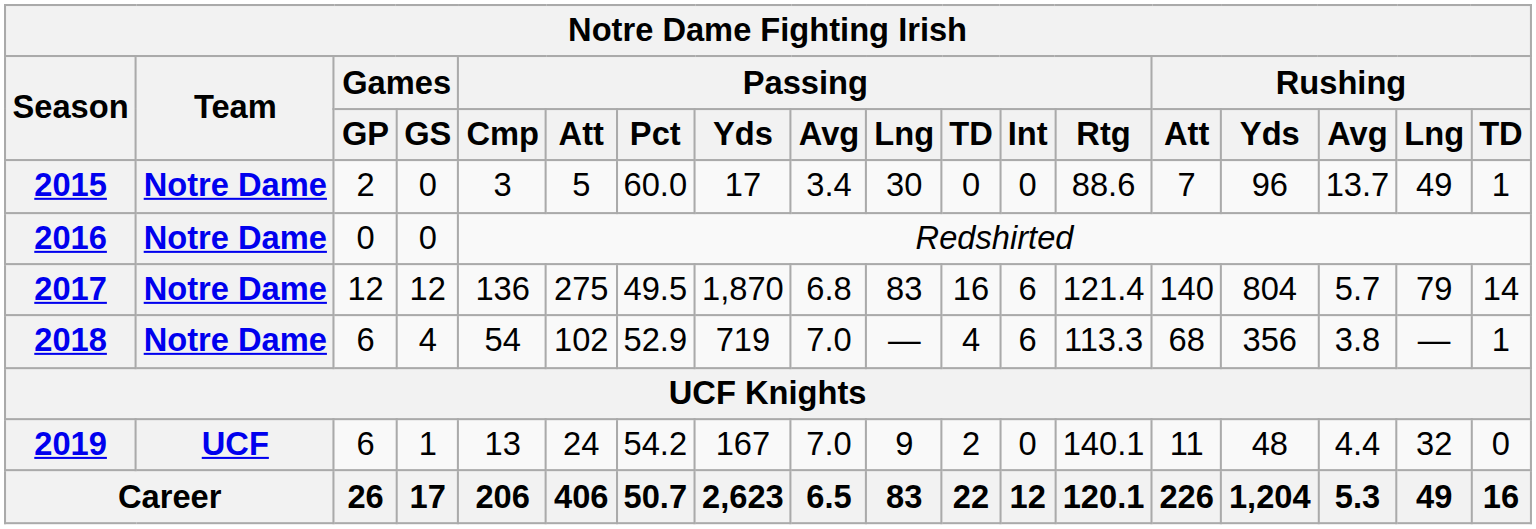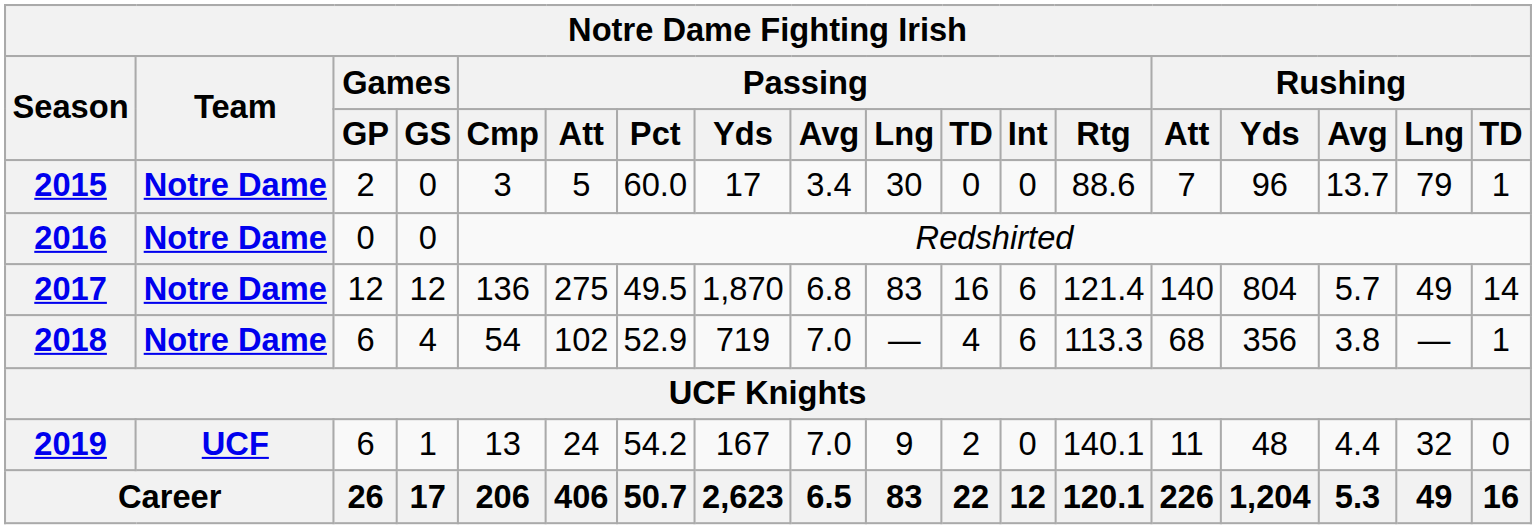 <table class=wikitable style="text-align:center;">
 <tr>
 <th colspan="18">Notre Dame Fighting Irish</th>
 </tr>
 <tr>
 <th rowspan="2">Season</th>
 <th rowspan="2">Team</th>
 <th colspan="2">Games</th>
 <th colspan="9">Passing</th>
 <th colspan="5">Rushing</th>
 </tr>
 <tr>
 <th>GP</th>
 <th>GS</th>
 <th>Cmp</th>
 <th>Att</th>
 <th>Pct</th>
 <th>Yds</th>
 <th>Avg</th>
 <th>Lng</th>
 <th>TD</th>
 <th>Int</th>
 <th>Rtg</th>
 <th>Att</th>
 <th>Yds</th>
 <th>Avg</th>
 <th>Lng</th>
 <th>TD</th>
 </tr>
 <tr>
 <th><a href='#'>2015</a></th>
 <th><a href='#'>Notre Dame</a></th>
 <td>2</td>
 <td>0</td>
 <td>3</td>
 <td>5</td>
 <td>60.0</td>
 <td>17</td>
 <td>3.4</td>
 <td>30</td>
 <td>0</td>
 <td>0</td>
 <td>88.6</td>
 <td>7</td>
 <td>96</td>
 <td>13.7</td>
-<td>49</td>
+<td>79</td>
 <td>1</td>
 </tr>
 <tr>
 <th><a href='#'>2016</a></th>
 <th><a href='#'>Notre Dame</a></th>
 <td>0</td>
 <td>0</td>
 <td colspan="14"><em>Redshirted</em></td>
 </tr>
 <tr>
 <th><a href='#'>2017</a></th>
 <th><a href='#'>Notre Dame</a></th>
 <td>12</td>
 <td>12</td>
 <td>136</td>
 <td>275</td>
 <td>49.5</td>
 <td>1,870</td>
 <td>6.8</td>
 <td>83</td>
 <td>16</td>
 <td>6</td>
 <td>121.4</td>
 <td>140</td>
 <td>804</td>
 <td>5.7</td>
-<td>79</td>
+<td>49</td>
 <td>14</td>
 </tr>
 <tr>
 <th><a href='#'>2018</a></th>
 <th><a href='#'>Notre Dame</a></th>
 <td>6</td>
 <td>4</td>
 <td>54</td>
 <td>102</td>
 <td>52.9</td>
 <td>719</td>
 <td>7.0</td>
 <td>—</td>
 <td>4</td>
 <td>6</td>
 <td>113.3</td>
 <td>68</td>
 <td>356</td>
 <td>3.8</td>
 <td>—</td>
 <td>1</td>
 </tr>
 <tr>
 <th colspan="18">UCF Knights</th>
 </tr>
 <tr>
 <th><a href='#'>2019</a></th>
 <th><a href='#'>UCF</a></th>
 <td>6</td>
 <td>1</td>
 <td>13</td>
 <td>24</td>
 <td>54.2</td>
 <td>167</td>
 <td>7.0</td>
 <td>9</td>
 <td>2</td>
 <td>0</td>
 <td>140.1</td>
 <td>11</td>
 <td>48</td>
 <td>4.4</td>
 <td>32</td>
 <td>0</td>
 </tr>
 <tr>
 <th colspan="2">Career</th>
 <th>26</th>
 <th>17</th>
 <th>206</th>
 <th>406</th>
 <th>50.7</th>
 <th>2,623</th>
 <th>6.5</th>
 <th>83</th>
 <th>22</th>
 <th>12</th>
 <th>120.1</th>
 <th>226</th>
 <th>1,204</th>
 <th>5.3</th>
 <th>49</th>
 <th>16</th>
 </tr>
 </table>
